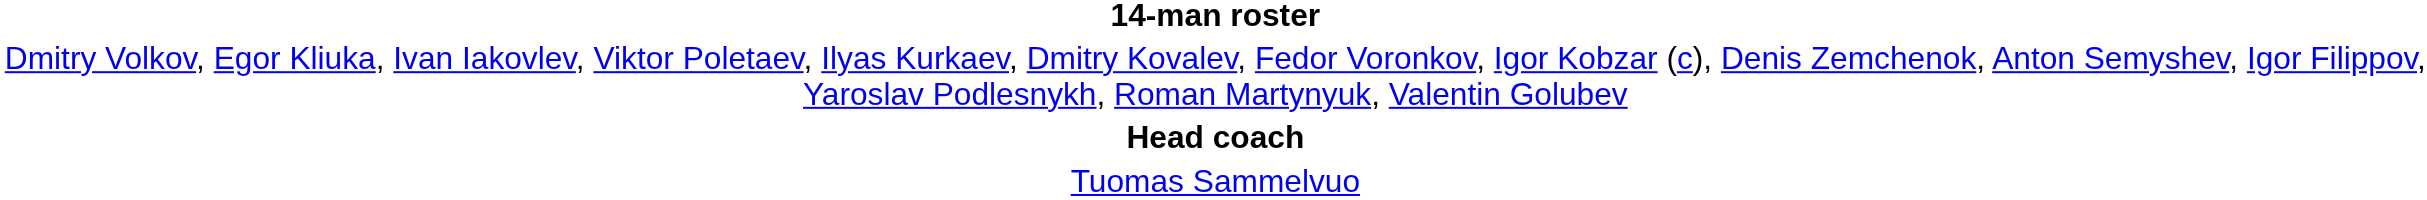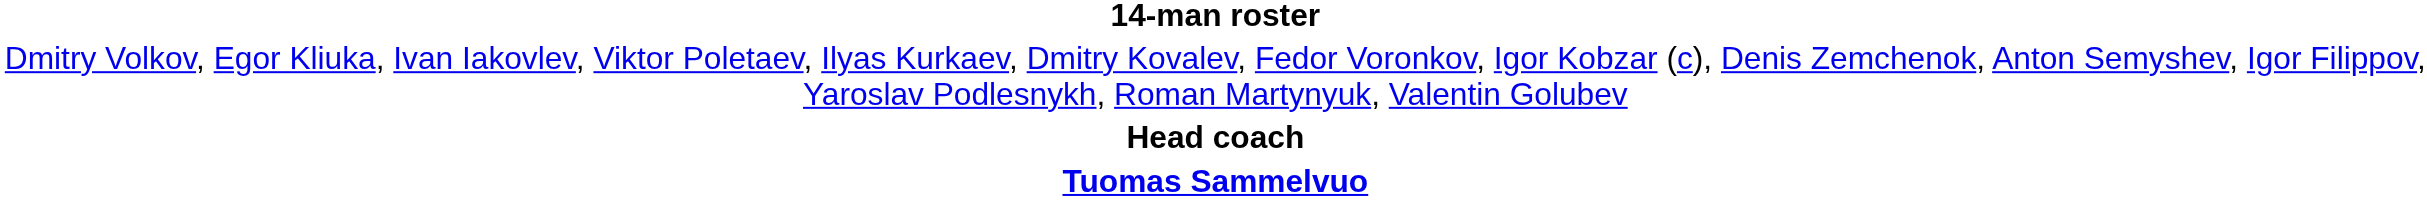 <table style="text-align:center; margin-top:2em; margin-left:auto; margin-right:auto">
 <tr>
 <td><strong>14-man roster</strong></td>
 </tr>
 <tr>
 <td><a href='#'>Dmitry Volkov</a>, <a href='#'>Egor Kliuka</a>, <a href='#'>Ivan Iakovlev</a>, <a href='#'>Viktor Poletaev</a>, <a href='#'>Ilyas Kurkaev</a>, <a href='#'>Dmitry Kovalev</a>, <a href='#'>Fedor Voronkov</a>, <a href='#'>Igor Kobzar</a> (<a href='#'>c</a>), <a href='#'>Denis Zemchenok</a>, <a href='#'>Anton Semyshev</a>, <a href='#'>Igor Filippov</a>, <a href='#'>Yaroslav Podlesnykh</a>, <a href='#'>Roman Martynyuk</a>, <a href='#'>Valentin Golubev</a></td>
 </tr>
 <tr>
 <td><strong>Head coach</strong></td>
 </tr>
 <tr>
-<td><a href='#'>Tuomas Sammelvuo</a></td>
+<td><strong><a href='#'>Tuomas Sammelvuo</a></strong></td>
 </tr>
 </table>
